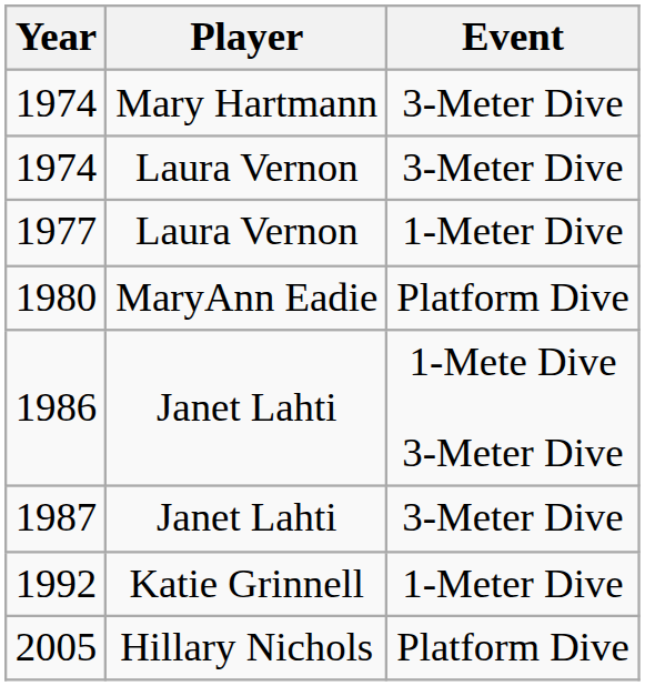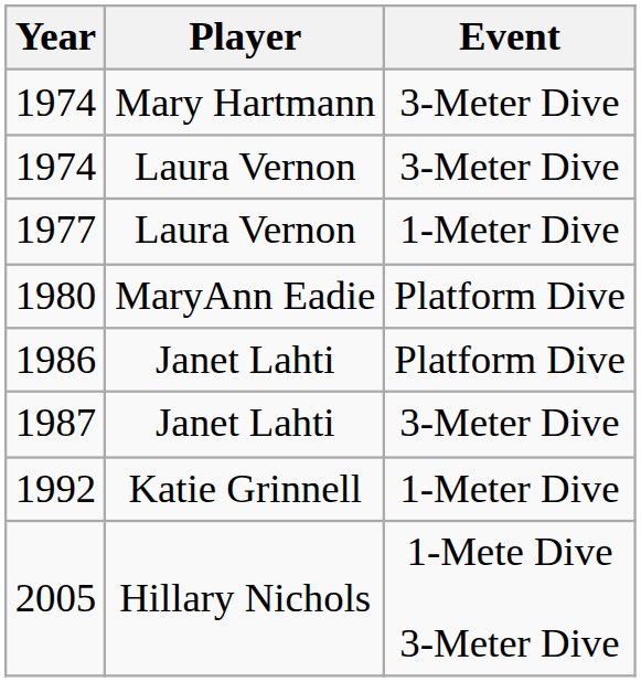 <table class="wikitable" style="text-align: center">
 <tr align=center>
 <th>Year</th>
 <th>Player</th>
 <th>Event</th>
 </tr>
 <tr>
 <td>1974</td>
 <td>Mary Hartmann</td>
 <td>3-Meter Dive</td>
 </tr>
 <tr>
 <td>1974</td>
 <td>Laura Vernon</td>
 <td>3-Meter Dive</td>
 </tr>
 <tr>
 <td>1977</td>
 <td>Laura Vernon</td>
 <td>1-Meter Dive</td>
 </tr>
 <tr>
 <td>1980</td>
 <td>MaryAnn Eadie</td>
 <td>Platform Dive</td>
 </tr>
 <tr>
 <td>1986</td>
 <td>Janet Lahti</td>
-<td>1-Mete Dive<br><br>3-Meter Dive</td>
+<td>Platform Dive</td>
 </tr>
 <tr>
 <td>1987</td>
 <td>Janet Lahti</td>
 <td>3-Meter Dive</td>
 </tr>
 <tr>
 <td>1992</td>
 <td>Katie Grinnell</td>
 <td>1-Meter Dive</td>
 </tr>
 <tr>
 <td>2005</td>
 <td>Hillary Nichols</td>
-<td>Platform Dive</td>
+<td>1-Mete Dive<br><br>3-Meter Dive</td>
 </tr>
 </table>
